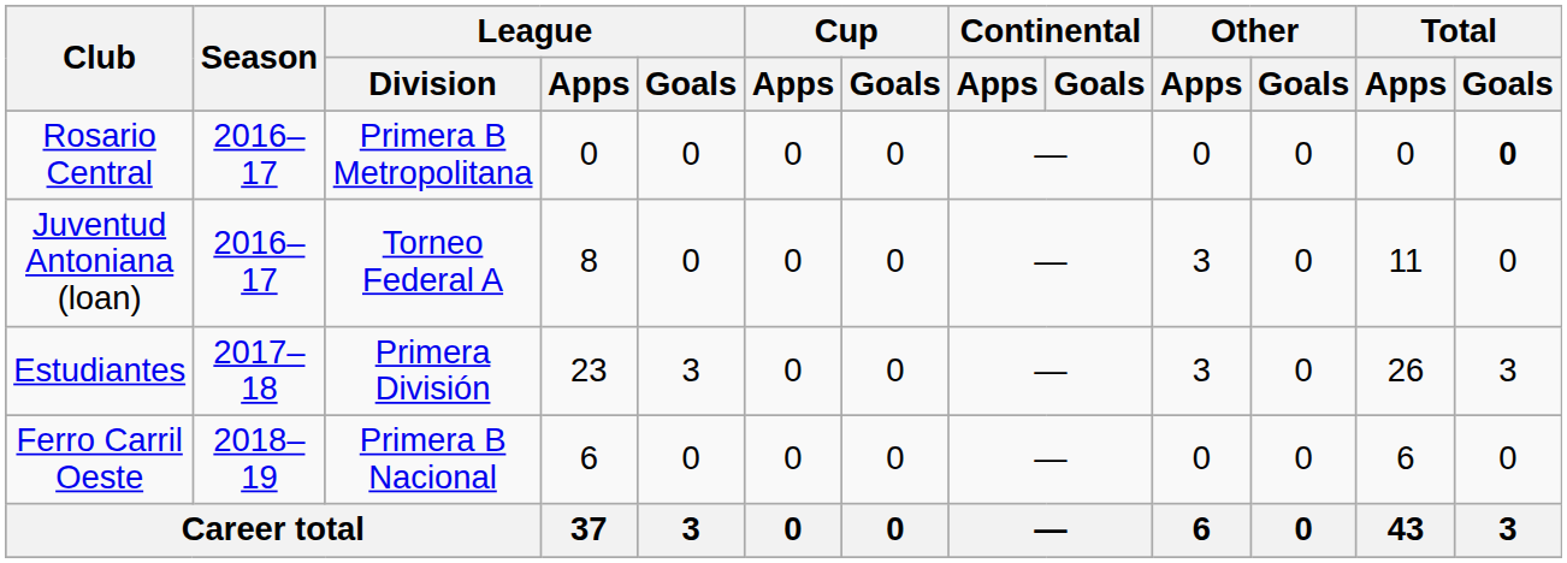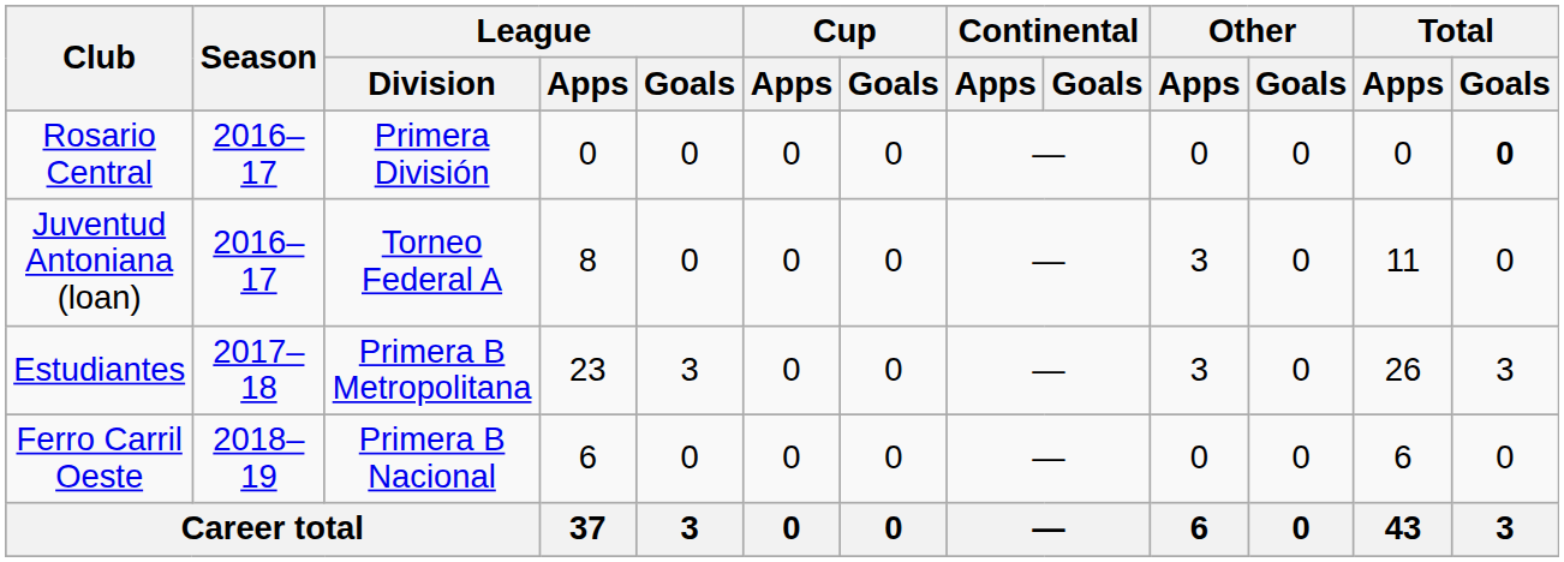 <table class="wikitable" style="text-align:center">
 <tr>
 <th rowspan="2">Club</th>
 <th rowspan="2">Season</th>
 <th colspan="3">League</th>
 <th colspan="2">Cup</th>
 <th colspan="2">Continental</th>
 <th colspan="2">Other</th>
 <th colspan="2">Total</th>
 </tr>
 <tr>
 <th>Division</th>
 <th>Apps</th>
 <th>Goals</th>
 <th>Apps</th>
 <th>Goals</th>
 <th>Apps</th>
 <th>Goals</th>
 <th>Apps</th>
 <th>Goals</th>
 <th>Apps</th>
 <th>Goals</th>
 </tr>
 <tr>
 <td rowspan="1"><a href='#'>Rosario Central</a></td>
 <td><a href='#'>2016–17</a></td>
-<td rowspan="1"><a href='#'>Primera B Metropolitana</a></td>
+<td rowspan="1"><a href='#'>Primera División</a></td>
 <td>0</td>
 <td>0</td>
 <td>0</td>
 <td>0</td>
 <td colspan="2">—</td>
 <td>0</td>
 <td>0</td>
 <td>0</td>
 <td><strong>0</strong></td>
 </tr>
 <tr>
 <td rowspan="1"><a href='#'>Juventud Antoniana</a> (loan)</td>
 <td><a href='#'>2016–17</a></td>
 <td rowspan="1"><a href='#'>Torneo Federal A</a></td>
 <td>8</td>
 <td>0</td>
 <td>0</td>
 <td>0</td>
 <td colspan="2">—</td>
 <td>3</td>
 <td>0</td>
 <td>11</td>
 <td>0</td>
 </tr>
 <tr>
 <td rowspan="1"><a href='#'>Estudiantes</a></td>
 <td><a href='#'>2017–18</a></td>
-<td rowspan="1"><a href='#'>Primera División</a></td>
+<td rowspan="1"><a href='#'>Primera B Metropolitana</a></td>
 <td>23</td>
 <td>3</td>
 <td>0</td>
 <td>0</td>
 <td colspan="2">—</td>
 <td>3</td>
 <td>0</td>
 <td>26</td>
 <td>3</td>
 </tr>
 <tr>
 <td rowspan="1"><a href='#'>Ferro Carril Oeste</a></td>
 <td><a href='#'>2018–19</a></td>
 <td rowspan="1"><a href='#'>Primera B Nacional</a></td>
 <td>6</td>
 <td>0</td>
 <td>0</td>
 <td>0</td>
 <td colspan="2">—</td>
 <td>0</td>
 <td>0</td>
 <td>6</td>
 <td>0</td>
 </tr>
 <tr>
 <th colspan="3">Career total</th>
 <th>37</th>
 <th>3</th>
 <th>0</th>
 <th>0</th>
 <th colspan="2">—</th>
 <th>6</th>
 <th>0</th>
 <th>43</th>
 <th>3</th>
 </tr>
 </table>
